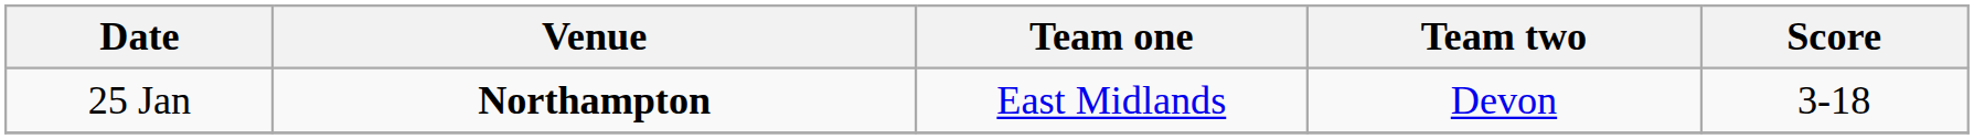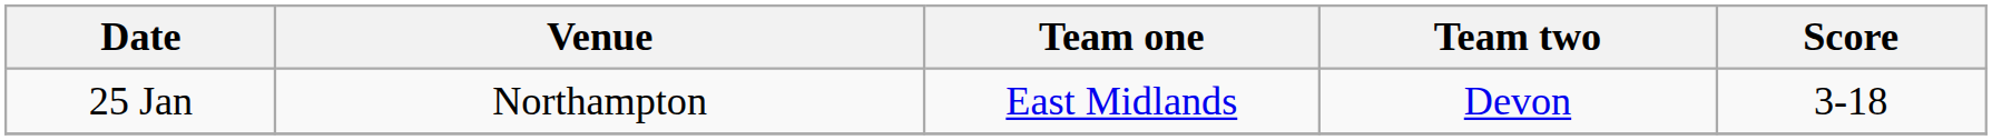 <table class="wikitable" style="text-align: center">
 <tr>
 <th width=100>Date</th>
 <th width=250>Venue</th>
 <th width=150>Team one</th>
 <th width=150>Team two</th>
 <th width=100>Score</th>
 </tr>
 <tr>
 <td>25 Jan</td>
-<td><strong>Northampton</strong></td>
+<td>Northampton</td>
 <td><a href='#'>East Midlands</a></td>
 <td><a href='#'>Devon</a></td>
 <td>3-18</td>
 </tr>
 <tr>
 </tr>
 </table>
